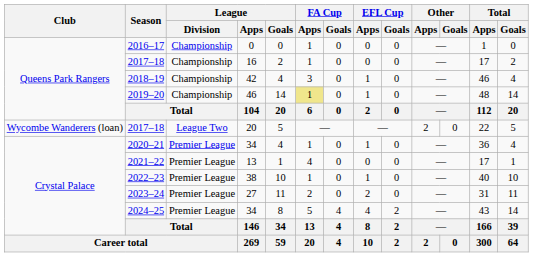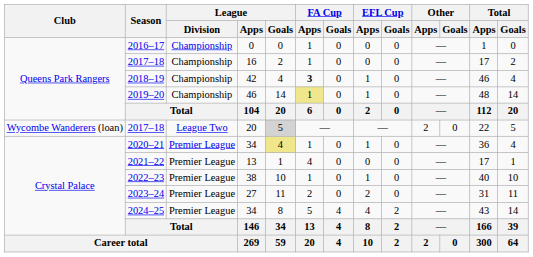 <table class="wikitable" style="text-align: center;">
 <tr>
 <th rowspan="2">Club</th>
 <th rowspan="2">Season</th>
 <th colspan="3">League</th>
 <th colspan="2"><a href='#'>FA Cup</a></th>
 <th colspan="2"><a href='#'>EFL Cup</a></th>
 <th colspan="2">Other</th>
 <th colspan="2">Total</th>
 </tr>
 <tr>
 <th>Division</th>
 <th>Apps</th>
 <th>Goals</th>
 <th>Apps</th>
 <th>Goals</th>
 <th>Apps</th>
 <th>Goals</th>
 <th>Apps</th>
 <th>Goals</th>
 <th>Apps</th>
 <th>Goals</th>
 </tr>
 <tr>
 <td rowspan="5"><a href='#'>Queens Park Rangers</a></td>
 <td><a href='#'>2016–17</a></td>
 <td><a href='#'>Championship</a></td>
 <td>0</td>
 <td>0</td>
 <td>1</td>
 <td>0</td>
 <td>0</td>
 <td>0</td>
 <td colspan="2">—</td>
 <td>1</td>
 <td>0</td>
 </tr>
 <tr>
 <td><a href='#'>2017–18</a></td>
 <td>Championship</td>
 <td>16</td>
 <td>2</td>
 <td>1</td>
 <td>0</td>
 <td>0</td>
 <td>0</td>
 <td colspan="2">—</td>
 <td>17</td>
 <td>2</td>
 </tr>
 <tr>
 <td><a href='#'>2018–19</a></td>
 <td>Championship</td>
 <td>42</td>
 <td>4</td>
-<td>3</td>
+<td><strong>3</strong></td>
 <td>0</td>
 <td>1</td>
 <td>0</td>
 <td colspan="2">—</td>
 <td>46</td>
 <td>4</td>
 </tr>
 <tr>
 <td><a href='#'>2019–20</a></td>
 <td>Championship</td>
 <td>46</td>
 <td>14</td>
 <td style="background: khaki;">1</td>
 <td>0</td>
 <td>1</td>
 <td>0</td>
 <td colspan="2">—</td>
 <td>48</td>
 <td>14</td>
 </tr>
 <tr>
 <th colspan="2">Total</th>
 <th>104</th>
 <th>20</th>
 <th>6</th>
 <th>0</th>
 <th>2</th>
 <th>0</th>
 <th colspan="2">—</th>
 <th>112</th>
 <th>20</th>
 </tr>
 <tr>
 <td><a href='#'>Wycombe Wanderers</a> (loan)</td>
 <td><a href='#'>2017–18</a></td>
 <td><a href='#'>League Two</a></td>
 <td>20</td>
-<td>5</td>
+<td style="background: lightgrey;">5</td>
 <td colspan="2">—</td>
 <td colspan="2">—</td>
 <td>2</td>
 <td>0</td>
 <td>22</td>
 <td>5</td>
 </tr>
 <tr>
 <td rowspan="6"><a href='#'>Crystal Palace</a></td>
 <td><a href='#'>2020–21</a></td>
 <td><a href='#'>Premier League</a></td>
 <td>34</td>
-<td>4</td>
+<td style="background: khaki;">4</td>
 <td>1</td>
 <td>0</td>
 <td>1</td>
 <td>0</td>
 <td colspan="2">—</td>
 <td>36</td>
 <td>4</td>
 </tr>
 <tr>
 <td><a href='#'>2021–22</a></td>
 <td>Premier League</td>
 <td>13</td>
 <td>1</td>
 <td>4</td>
 <td>0</td>
 <td>0</td>
 <td>0</td>
 <td colspan="2">—</td>
 <td>17</td>
 <td>1</td>
 </tr>
 <tr>
 <td><a href='#'>2022–23</a></td>
 <td>Premier League</td>
 <td>38</td>
 <td>10</td>
 <td>1</td>
 <td>0</td>
 <td>1</td>
 <td>0</td>
 <td colspan="2">—</td>
 <td>40</td>
 <td>10</td>
 </tr>
 <tr>
 <td><a href='#'>2023–24</a></td>
 <td>Premier League</td>
 <td>27</td>
 <td>11</td>
 <td>2</td>
 <td>0</td>
 <td>2</td>
 <td>0</td>
 <td colspan="2">—</td>
 <td>31</td>
 <td>11</td>
 </tr>
 <tr>
 <td><a href='#'>2024–25</a></td>
 <td>Premier League</td>
 <td>34</td>
 <td>8</td>
 <td>5</td>
 <td>4</td>
 <td>4</td>
 <td>2</td>
 <td colspan="2">—</td>
 <td>43</td>
 <td>14</td>
 </tr>
 <tr>
 <th colspan="2">Total</th>
 <th>146</th>
 <th>34</th>
 <th>13</th>
 <th>4</th>
 <th>8</th>
 <th>2</th>
 <th colspan="2">—</th>
 <th>166</th>
 <th>39</th>
 </tr>
 <tr>
 <th colspan="3">Career total</th>
 <th>269</th>
 <th>59</th>
 <th>20</th>
 <th>4</th>
 <th>10</th>
 <th>2</th>
 <th>2</th>
 <th>0</th>
 <th>300</th>
 <th>64</th>
 </tr>
 </table>
